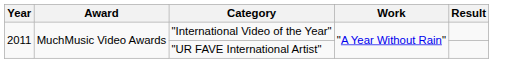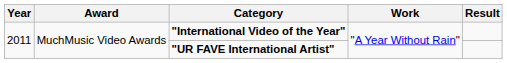 <table class="wikitable">
 <tr>
 <th scope="col">Year</th>
 <th scope="col">Award</th>
 <th scope="col">Category</th>
 <th scope="col">Work</th>
 <th scope="col">Result</th>
 </tr>
 <tr>
 <td rowspan="2">2011</td>
 <td rowspan="2">MuchMusic Video Awards</td>
-<td>"International Video of the Year"</td>
+<td><strong>"International Video of the Year"</strong></td>
 <td rowspan="10">"<a href='#'>A Year Without Rain</a>"</td>
 <td></td>
 </tr>
 <tr>
-<td>"UR FAVE International Artist"</td>
+<td><strong>"UR FAVE International Artist"</strong></td>
 <td></td>
 </tr>
 </table>
